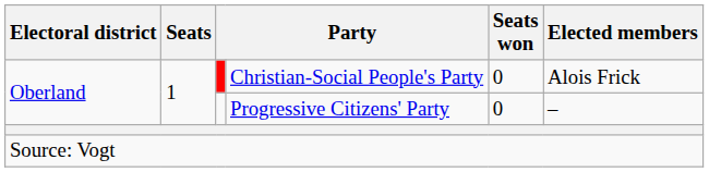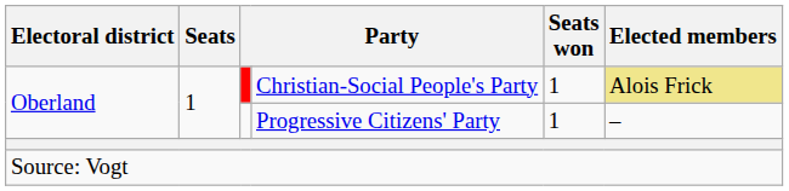 <table class="wikitable">
 <tr>
 <th>Electoral district</th>
 <th>Seats</th>
 <th colspan="2">Party</th>
 <th>Seats<br>won</th>
 <th>Elected members</th>
 </tr>
 <tr>
 <td rowspan="2"><a href='#'>Oberland</a></td>
 <td rowspan="2">1</td>
 <td style="color:inherit;background:#FF0000"></td>
 <td><a href='#'>Christian-Social People's Party</a></td>
-<td>0</td>
-<td>Alois Frick</td>
+<td>1</td>
+<td style="background: khaki;">Alois Frick</td>
 </tr>
 <tr>
 <td></td>
 <td><a href='#'>Progressive Citizens' Party</a></td>
-<td>0</td>
+<td>1</td>
 <td>–</td>
 </tr>
 <tr>
 <th colspan="6"></th>
 </tr>
 <tr>
 <td colspan="6">Source: Vogt</td>
 </tr>
 </table>
